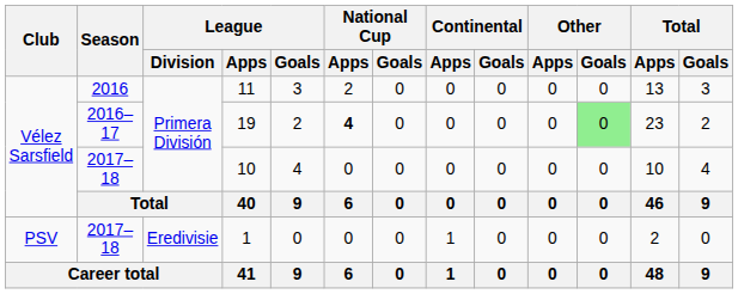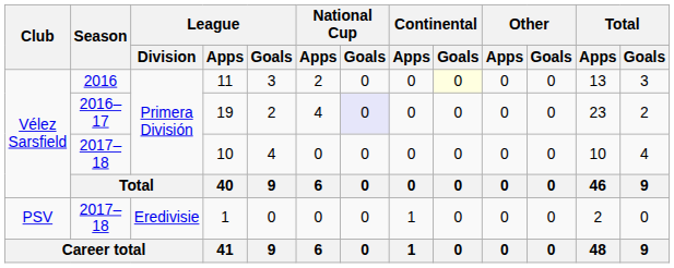 <table class="wikitable" style="text-align:center">
 <tr>
 <th rowspan="2">Club</th>
 <th rowspan="2">Season</th>
 <th colspan="3">League</th>
 <th colspan="2">National Cup</th>
 <th colspan="2">Continental</th>
 <th colspan="2">Other</th>
 <th colspan="2">Total</th>
 </tr>
 <tr>
 <th>Division</th>
 <th>Apps</th>
 <th>Goals</th>
 <th>Apps</th>
 <th>Goals</th>
 <th>Apps</th>
 <th>Goals</th>
 <th>Apps</th>
 <th>Goals</th>
 <th>Apps</th>
 <th>Goals</th>
 </tr>
 <tr>
 <td rowspan="4"><a href='#'>Vélez Sarsfield</a></td>
 <td><a href='#'>2016</a></td>
 <td rowspan="3"><a href='#'>Primera División</a></td>
 <td>11</td>
 <td>3</td>
 <td>2</td>
 <td>0</td>
 <td>0</td>
-<td>0</td>
+<td style="background: lightyellow;">0</td>
 <td>0</td>
 <td>0</td>
 <td>13</td>
 <td>3</td>
 </tr>
 <tr>
 <td><a href='#'>2016–17</a></td>
 <td>19</td>
 <td>2</td>
-<td><strong>4</strong></td>
+<td>4</td>
+<td style="background: lavender;">0</td>
 <td>0</td>
 <td>0</td>
 <td>0</td>
 <td>0</td>
-<td style="background: lightgreen;">0</td>
 <td>23</td>
 <td>2</td>
 </tr>
 <tr>
 <td><a href='#'>2017–18</a></td>
 <td>10</td>
 <td>4</td>
 <td>0</td>
 <td>0</td>
 <td>0</td>
 <td>0</td>
 <td>0</td>
 <td>0</td>
 <td>10</td>
 <td>4</td>
 </tr>
 <tr>
 <th colspan="2">Total</th>
 <th>40</th>
 <th>9</th>
 <th>6</th>
 <th>0</th>
 <th>0</th>
 <th>0</th>
 <th>0</th>
 <th>0</th>
 <th>46</th>
 <th>9</th>
 </tr>
 <tr>
 <td><a href='#'>PSV</a></td>
 <td><a href='#'>2017–18</a></td>
 <td><a href='#'>Eredivisie</a></td>
 <td>1</td>
 <td>0</td>
 <td>0</td>
 <td>0</td>
 <td>1</td>
 <td>0</td>
 <td>0</td>
 <td>0</td>
 <td>2</td>
 <td>0</td>
 </tr>
 <tr>
 <th colspan="3">Career total</th>
 <th>41</th>
 <th>9</th>
 <th>6</th>
 <th>0</th>
 <th>1</th>
 <th>0</th>
 <th>0</th>
 <th>0</th>
 <th>48</th>
 <th>9</th>
 </tr>
 </table>
